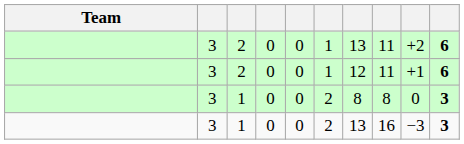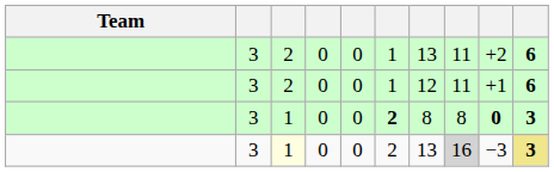 <table class="wikitable" style="text-align: center;">
 <tr>
 <th width="175">Team</th>
 <th width="20"></th>
 <th width="20"></th>
 <th width="20"></th>
 <th width="20"></th>
 <th width="20"></th>
 <th width="20"></th>
 <th width="20"></th>
 <th width="20"></th>
 <th width="20"></th>
 </tr>
 <tr bgcolor=#ccffcc>
 <td align=left></td>
 <td>3</td>
 <td>2</td>
 <td>0</td>
 <td>0</td>
 <td>1</td>
 <td>13</td>
 <td>11</td>
 <td>+2</td>
 <td><strong>6</strong></td>
 </tr>
 <tr bgcolor=#ccffcc>
 <td align=left></td>
 <td>3</td>
 <td>2</td>
 <td>0</td>
 <td>0</td>
 <td>1</td>
 <td>12</td>
 <td>11</td>
 <td>+1</td>
 <td><strong>6</strong></td>
 </tr>
 <tr bgcolor=#ccffcc>
 <td align=left></td>
 <td>3</td>
 <td>1</td>
 <td>0</td>
 <td>0</td>
-<td>2</td>
+<td><strong>2</strong></td>
 <td>8</td>
 <td>8</td>
-<td>0</td>
+<td><strong>0</strong></td>
 <td><strong>3</strong></td>
 </tr>
 <tr>
 <td align=left></td>
 <td>3</td>
-<td>1</td>
+<td style="background: lightyellow;">1</td>
 <td>0</td>
 <td>0</td>
 <td>2</td>
 <td>13</td>
-<td>16</td>
+<td style="background: lightgrey;">16</td>
 <td>−3</td>
-<td><strong>3</strong></td>
+<td style="background: khaki;"><strong>3</strong></td>
 </tr>
 </table>
